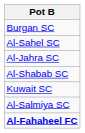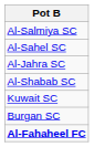 <table class="wikitable">
 <tr>
 <th>Pot B</th>
 </tr>
 <tr>
-<td><a href='#'>Burgan SC</a></td>
+<td><a href='#'>Al-Salmiya SC</a></td>
 </tr>
 <tr>
 <td><a href='#'>Al-Sahel SC</a></td>
 </tr>
 <tr>
 <td><a href='#'>Al-Jahra SC</a></td>
 </tr>
 <tr>
 <td><a href='#'>Al-Shabab SC</a></td>
 </tr>
 <tr>
 <td><a href='#'>Kuwait SC</a></td>
 </tr>
 <tr>
-<td><a href='#'>Al-Salmiya SC</a></td>
+<td><a href='#'>Burgan SC</a></td>
 </tr>
 <tr>
 <td><strong><a href='#'>Al-Fahaheel FC</a></strong></td>
 </tr>
 </table>
